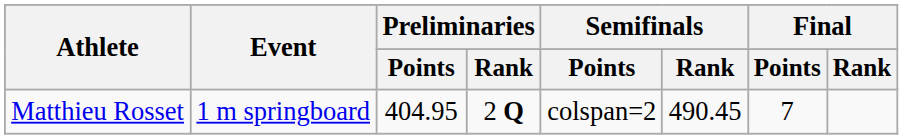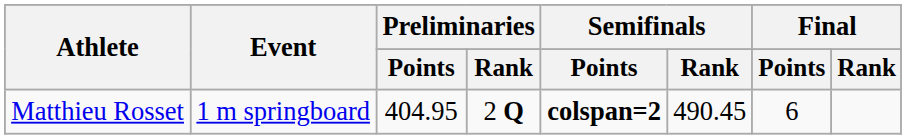 <table class=wikitable style="font-size:90%;">
 <tr>
 <th rowspan="2">Athlete</th>
 <th rowspan="2">Event</th>
 <th colspan="2">Preliminaries</th>
 <th colspan="2">Semifinals</th>
 <th colspan="2">Final</th>
 </tr>
 <tr style="font-size:95%">
 <th>Points</th>
 <th>Rank</th>
 <th>Points</th>
 <th>Rank</th>
 <th>Points</th>
 <th>Rank</th>
 </tr>
 <tr align=center>
 <td align=left><a href='#'>Matthieu Rosset</a></td>
 <td align=left><a href='#'>1 m springboard</a></td>
 <td>404.95</td>
 <td>2 <strong>Q</strong></td>
-<td>colspan=2 </td>
+<td><strong>colspan=2 </strong></td>
 <td>490.45</td>
-<td>7</td>
+<td>6</td>
 </tr>
 </table>
